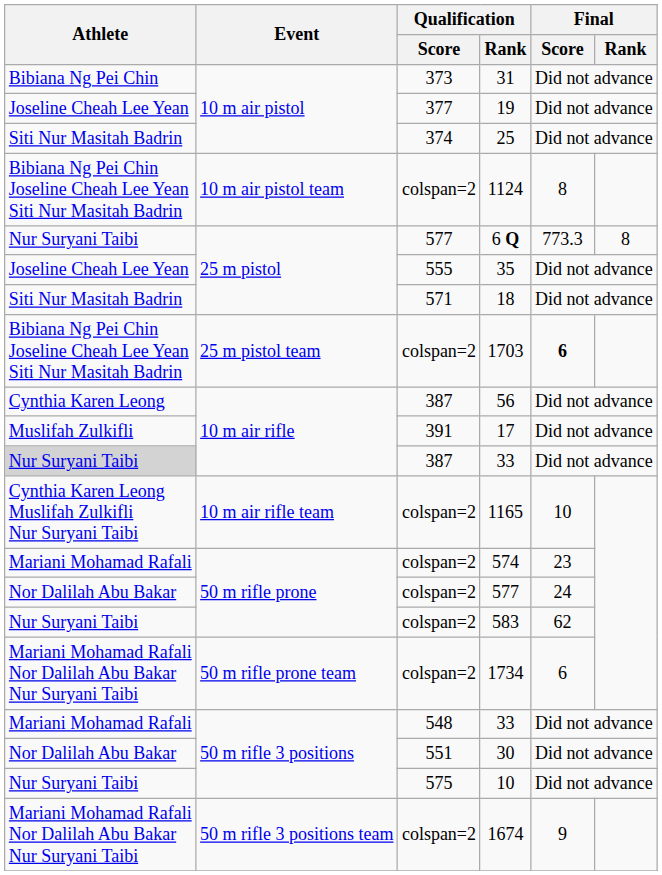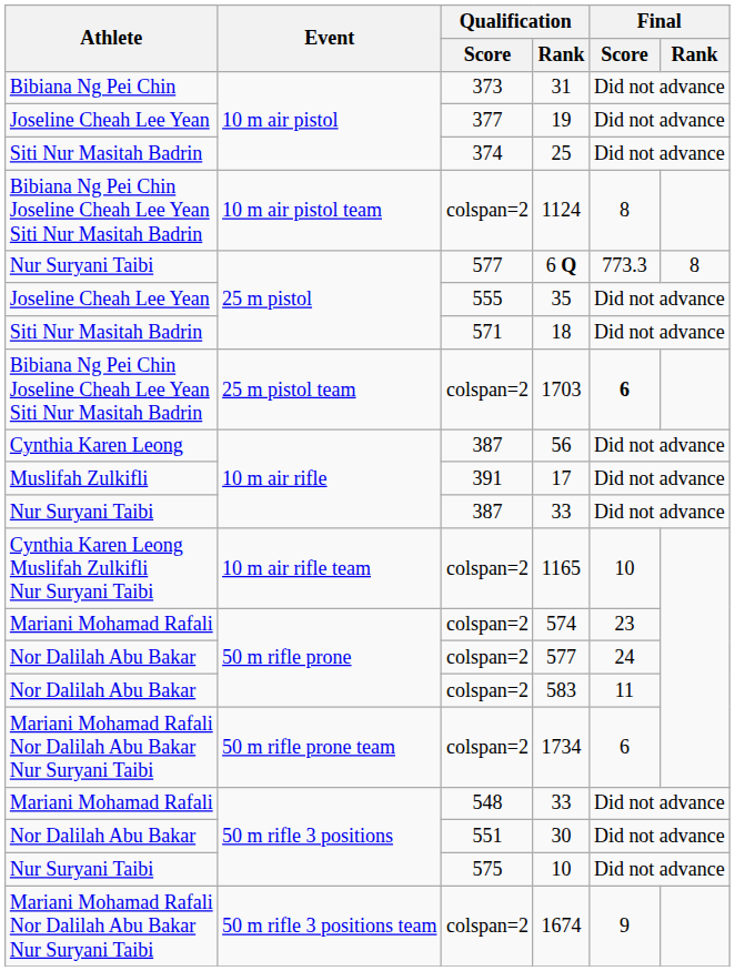 <table class=wikitable style="text-align:center; font-size:90%">
 <tr>
 <th rowspan=2>Athlete</th>
 <th rowspan=2>Event</th>
 <th colspan=2>Qualification</th>
 <th colspan=2>Final</th>
 </tr>
 <tr>
 <th>Score</th>
 <th>Rank</th>
 <th>Score</th>
 <th>Rank</th>
 </tr>
 <tr>
 <td align=left><a href='#'>Bibiana Ng Pei Chin</a></td>
 <td rowspan=3 align=left><a href='#'>10 m air pistol</a></td>
 <td>373</td>
 <td>31</td>
 <td colspan=2>Did not advance</td>
 </tr>
 <tr>
 <td align=left><a href='#'>Joseline Cheah Lee Yean</a></td>
 <td>377</td>
 <td>19</td>
 <td colspan=2>Did not advance</td>
 </tr>
 <tr>
 <td align=left><a href='#'>Siti Nur Masitah Badrin</a></td>
 <td>374</td>
 <td>25</td>
 <td colspan=2>Did not advance</td>
 </tr>
 <tr>
 <td align=left><a href='#'>Bibiana Ng Pei Chin</a><br><a href='#'>Joseline Cheah Lee Yean</a><br><a href='#'>Siti Nur Masitah Badrin</a></td>
 <td align=left><a href='#'>10 m air pistol team</a></td>
 <td>colspan=2 </td>
 <td>1124</td>
 <td>8</td>
 </tr>
 <tr>
 <td align=left><a href='#'>Nur Suryani Taibi</a></td>
 <td rowspan=3 align=left><a href='#'>25 m pistol</a></td>
 <td>577</td>
 <td>6 <strong>Q</strong></td>
 <td>773.3</td>
 <td>8</td>
 </tr>
 <tr>
 <td align=left><a href='#'>Joseline Cheah Lee Yean</a></td>
 <td>555</td>
 <td>35</td>
 <td colspan=2>Did not advance</td>
 </tr>
 <tr>
 <td align=left><a href='#'>Siti Nur Masitah Badrin</a></td>
 <td>571</td>
 <td>18</td>
 <td colspan=2>Did not advance</td>
 </tr>
 <tr>
 <td align=left><a href='#'>Bibiana Ng Pei Chin</a><br><a href='#'>Joseline Cheah Lee Yean</a><br><a href='#'>Siti Nur Masitah Badrin</a></td>
 <td align=left><a href='#'>25 m pistol team</a></td>
 <td>colspan=2 </td>
 <td>1703</td>
 <td><strong>6</strong></td>
 </tr>
 <tr>
 <td align=left><a href='#'>Cynthia Karen Leong</a></td>
 <td rowspan=3 align=left><a href='#'>10 m air rifle</a></td>
 <td>387</td>
 <td>56</td>
 <td colspan=2>Did not advance</td>
 </tr>
 <tr>
 <td align=left><a href='#'>Muslifah Zulkifli</a></td>
 <td>391</td>
 <td>17</td>
 <td colspan=2>Did not advance</td>
 </tr>
 <tr>
-<td align=left style="background: lightgrey;"><a href='#'>Nur Suryani Taibi</a></td>
+<td align=left><a href='#'>Nur Suryani Taibi</a></td>
 <td>387</td>
 <td>33</td>
 <td colspan=2>Did not advance</td>
 </tr>
 <tr>
 <td align=left><a href='#'>Cynthia Karen Leong</a><br><a href='#'>Muslifah Zulkifli</a><br><a href='#'>Nur Suryani Taibi</a></td>
 <td align=left><a href='#'>10 m air rifle team</a></td>
 <td>colspan=2 </td>
 <td>1165</td>
 <td>10</td>
 </tr>
 <tr>
 <td align=left><a href='#'>Mariani Mohamad Rafali</a></td>
 <td rowspan=3 align=left><a href='#'>50 m rifle prone</a></td>
 <td>colspan=2 </td>
 <td>574</td>
 <td>23</td>
 </tr>
 <tr>
 <td align=left><a href='#'>Nor Dalilah Abu Bakar</a></td>
 <td>colspan=2 </td>
 <td>577</td>
 <td>24</td>
 </tr>
 <tr>
-<td align=left><a href='#'>Nur Suryani Taibi</a></td>
+<td align=left><a href='#'>Nor Dalilah Abu Bakar</a></td>
 <td>colspan=2 </td>
 <td>583</td>
-<td>62</td>
+<td>11</td>
 </tr>
 <tr>
 <td align=left><a href='#'>Mariani Mohamad Rafali</a><br><a href='#'>Nor Dalilah Abu Bakar</a><br><a href='#'>Nur Suryani Taibi</a></td>
 <td align=left><a href='#'>50 m rifle prone team</a></td>
 <td>colspan=2 </td>
 <td>1734</td>
 <td>6</td>
 </tr>
 <tr>
 <td align=left><a href='#'>Mariani Mohamad Rafali</a></td>
 <td rowspan=3 align=left><a href='#'>50 m rifle 3 positions</a></td>
 <td>548</td>
 <td>33</td>
 <td colspan=2>Did not advance</td>
 </tr>
 <tr>
 <td align=left><a href='#'>Nor Dalilah Abu Bakar</a></td>
 <td>551</td>
 <td>30</td>
 <td colspan=2>Did not advance</td>
 </tr>
 <tr>
 <td align=left><a href='#'>Nur Suryani Taibi</a></td>
 <td>575</td>
 <td>10</td>
 <td colspan=2>Did not advance</td>
 </tr>
 <tr>
 <td align=left><a href='#'>Mariani Mohamad Rafali</a><br><a href='#'>Nor Dalilah Abu Bakar</a><br><a href='#'>Nur Suryani Taibi</a></td>
 <td align=left><a href='#'>50 m rifle 3 positions team</a></td>
 <td>colspan=2 </td>
 <td>1674</td>
 <td>9</td>
 </tr>
 </table>
